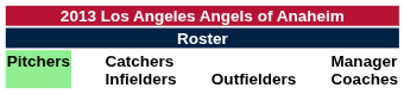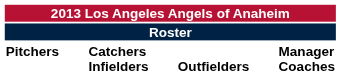 <table class="toccolours" style="font-size: 95%;">
 <tr>
 <th colspan="10" style="background-color: #B71234; color: white; text-align: center;">2013 Los Angeles Angels of Anaheim</th>
 </tr>
 <tr>
 <td colspan="10" style="background-color:#002244; color: white; text-align: center;"><strong>Roster</strong></td>
 </tr>
 <tr>
-<td valign="top" style="background: lightgreen;"><strong>Pitchers</strong><br>                         </td>
+<td valign="top"><strong>Pitchers</strong><br>                         </td>
 <td width="25px"></td>
 <td valign="top"><strong>Catchers</strong><br>   <strong>Infielders</strong>             </td>
 <td width="25px"></td>
 <td valign="top"><br><strong>Outfielders</strong>       </td>
 <td width="25px"></td>
 <td valign="top"><strong>Manager</strong><br> <strong>Coaches</strong>                  </td>
 </tr>
 </table>
